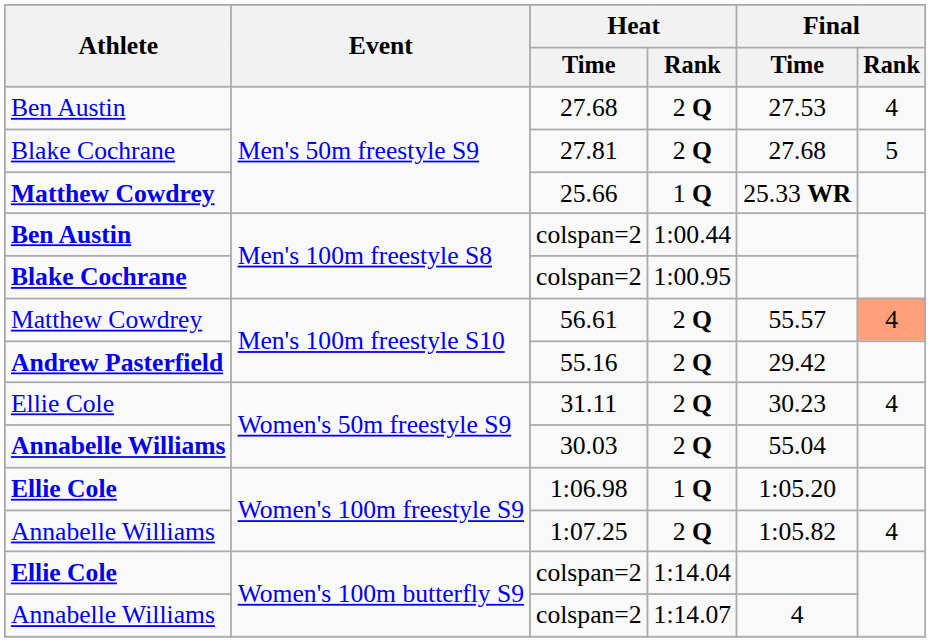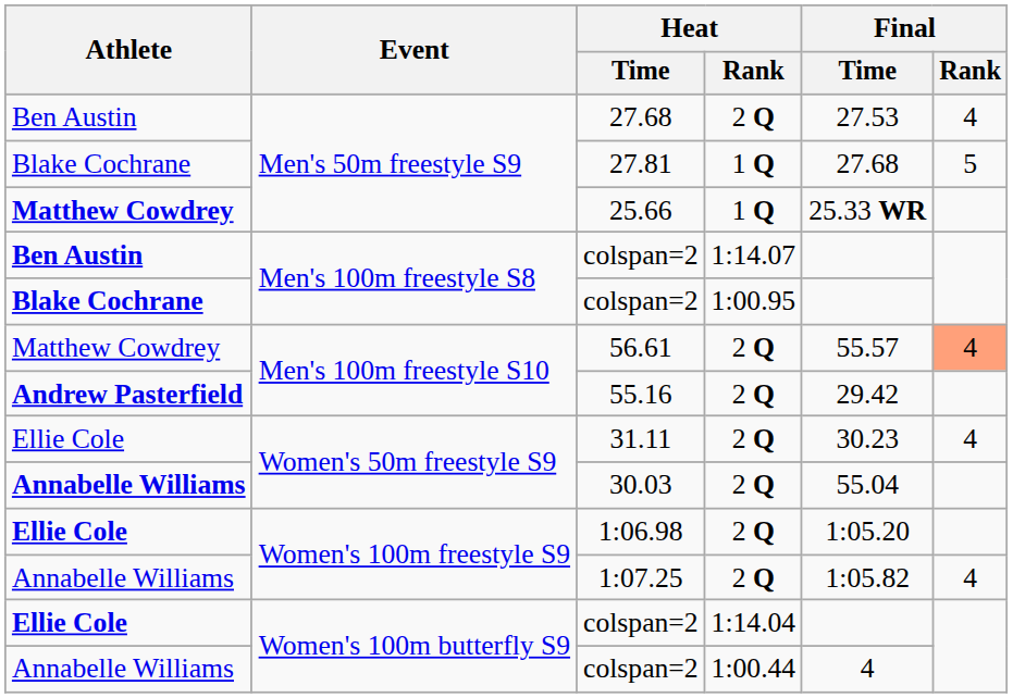 <table class=wikitable style="font-size:90%">
 <tr>
 <th rowspan="2">Athlete</th>
 <th rowspan="2">Event</th>
 <th colspan="2">Heat</th>
 <th colspan="2">Final</th>
 </tr>
 <tr style="font-size:95%">
 <th>Time</th>
 <th>Rank</th>
 <th>Time</th>
 <th>Rank</th>
 </tr>
 <tr align=center>
 <td align=left><a href='#'>Ben Austin</a></td>
 <td align=left rowspan=3><a href='#'>Men's 50m freestyle S9</a></td>
 <td>27.68</td>
 <td>2 <strong>Q</strong></td>
 <td>27.53</td>
 <td>4</td>
 </tr>
 <tr align=center>
 <td align=left><a href='#'>Blake Cochrane</a></td>
 <td>27.81</td>
-<td>2 <strong>Q</strong></td>
+<td>1 <strong>Q</strong></td>
 <td>27.68</td>
 <td>5</td>
 </tr>
 <tr align=center>
 <td align=left><strong><a href='#'>Matthew Cowdrey</a></strong></td>
 <td>25.66</td>
 <td>1 <strong>Q</strong></td>
 <td>25.33 <strong>WR</strong></td>
 <td></td>
 </tr>
 <tr align=center>
 <td align=left><strong><a href='#'>Ben Austin</a></strong></td>
 <td align=left rowspan=2><a href='#'>Men's 100m freestyle S8</a></td>
 <td>colspan=2 </td>
-<td>1:00.44</td>
+<td>1:14.07</td>
 <td></td>
 </tr>
 <tr align=center>
 <td align=left><strong><a href='#'>Blake Cochrane</a></strong></td>
 <td>colspan=2 </td>
 <td>1:00.95</td>
 <td></td>
 </tr>
 <tr align=center>
 <td align=left><a href='#'>Matthew Cowdrey</a></td>
 <td align=left rowspan=2><a href='#'>Men's 100m freestyle S10</a></td>
 <td>56.61</td>
 <td>2 <strong>Q</strong></td>
 <td>55.57</td>
 <td style="background: lightsalmon;">4</td>
 </tr>
 <tr align=center>
 <td align=left><strong><a href='#'>Andrew Pasterfield</a></strong></td>
 <td>55.16</td>
 <td>2 <strong>Q</strong></td>
 <td>29.42</td>
 <td></td>
 </tr>
 <tr align=center>
 <td align=left><a href='#'>Ellie Cole</a></td>
 <td align=left rowspan=2><a href='#'>Women's 50m freestyle S9</a></td>
 <td>31.11</td>
 <td>2 <strong>Q</strong></td>
 <td>30.23</td>
 <td>4</td>
 </tr>
 <tr align=center>
 <td align=left><strong><a href='#'>Annabelle Williams</a></strong></td>
 <td>30.03</td>
 <td>2 <strong>Q</strong></td>
 <td>55.04</td>
 <td></td>
 </tr>
 <tr align=center>
 <td align=left><strong><a href='#'>Ellie Cole</a></strong></td>
 <td align=left rowspan=2><a href='#'>Women's 100m freestyle S9</a></td>
 <td>1:06.98</td>
-<td>1 <strong>Q</strong></td>
+<td>2 <strong>Q</strong></td>
 <td>1:05.20</td>
 <td></td>
 </tr>
 <tr align=center>
 <td align=left><a href='#'>Annabelle Williams</a></td>
 <td>1:07.25</td>
 <td>2 <strong>Q</strong></td>
 <td>1:05.82</td>
 <td>4</td>
 </tr>
 <tr align=center>
 <td align=left><strong><a href='#'>Ellie Cole</a></strong></td>
 <td align=left rowspan=2><a href='#'>Women's 100m butterfly S9</a></td>
 <td>colspan=2 </td>
 <td>1:14.04</td>
 <td></td>
 </tr>
 <tr align=center>
 <td align=left><a href='#'>Annabelle Williams</a></td>
 <td>colspan=2 </td>
-<td>1:14.07</td>
+<td>1:00.44</td>
 <td>4</td>
 </tr>
 </table>
